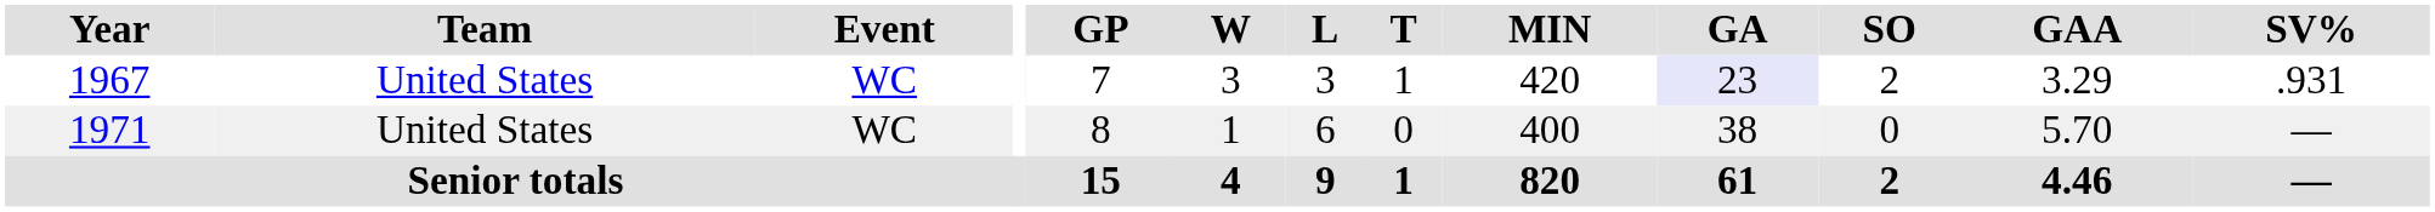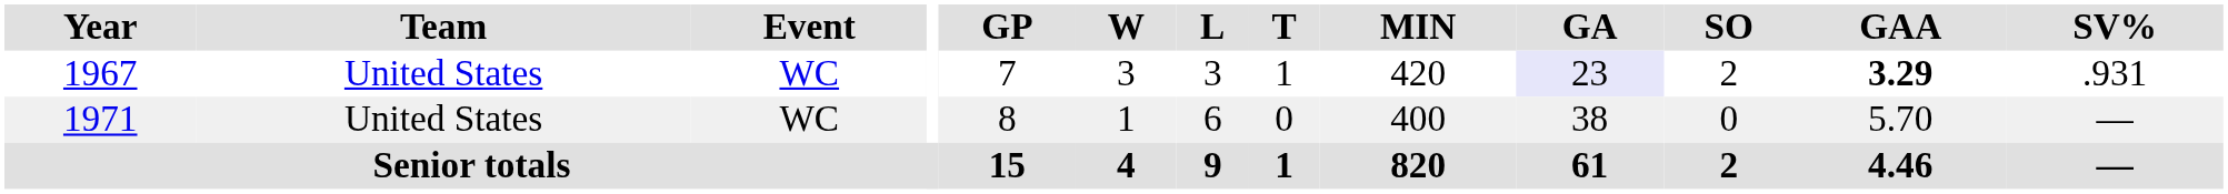 <table border="0" cellpadding="1" cellspacing="0" ID="Table3" style="text-align:center; width:60em">
 <tr ALIGN="center" bgcolor="#e0e0e0">
 <th>Year</th>
 <th>Team</th>
 <th>Event</th>
 <th rowspan="99" bgcolor="#ffffff"></th>
 <th>GP</th>
 <th>W</th>
 <th>L</th>
 <th>T</th>
 <th>MIN</th>
 <th>GA</th>
 <th>SO</th>
 <th>GAA</th>
 <th>SV%</th>
 </tr>
 <tr>
 <td><a href='#'>1967</a></td>
 <td><a href='#'>United States</a></td>
 <td><a href='#'>WC</a></td>
 <td>7</td>
 <td>3</td>
 <td>3</td>
 <td>1</td>
 <td>420</td>
 <td style="background: lavender;">23</td>
 <td>2</td>
-<td>3.29</td>
+<td><strong>3.29</strong></td>
 <td>.931</td>
 </tr>
 <tr bgcolor="#f0f0f0">
 <td><a href='#'>1971</a></td>
 <td>United States</td>
 <td>WC</td>
 <td>8</td>
 <td>1</td>
 <td>6</td>
 <td>0</td>
 <td>400</td>
 <td>38</td>
 <td>0</td>
 <td>5.70</td>
 <td>—</td>
 </tr>
 <tr bgcolor="#e0e0e0">
 <th colspan=4>Senior totals</th>
 <th>15</th>
 <th>4</th>
 <th>9</th>
 <th>1</th>
 <th>820</th>
 <th>61</th>
 <th>2</th>
 <th>4.46</th>
 <th>—</th>
 </tr>
 </table>
